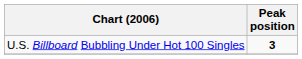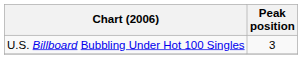 <table class="wikitable sortable">
 <tr>
 <th align="center">Chart (2006)</th>
 <th align="center">Peak<br>position</th>
 </tr>
 <tr>
 <td>U.S. <a href='#'><em>Billboard</em></a> <a href='#'>Bubbling Under Hot 100 Singles</a></td>
-<td align="center"><strong>3</strong></td>
+<td align="center">3</td>
 </tr>
 <tr>
 </tr>
 <tr>
 </tr>
 <tr>
 </tr>
 </table>
